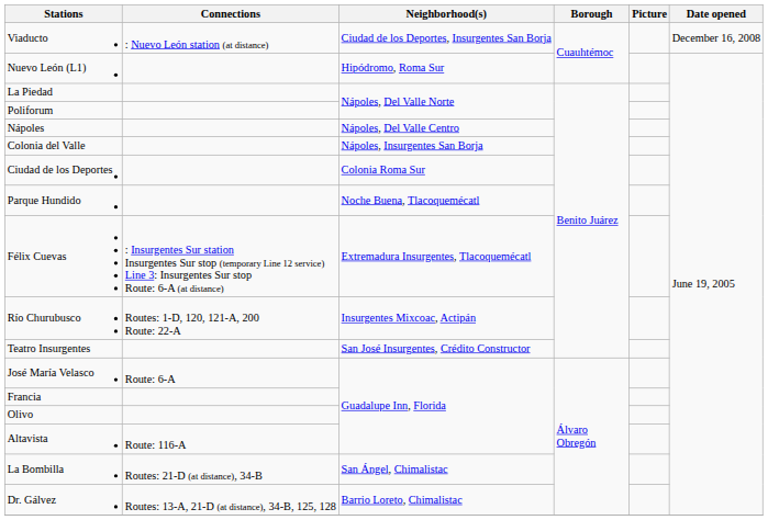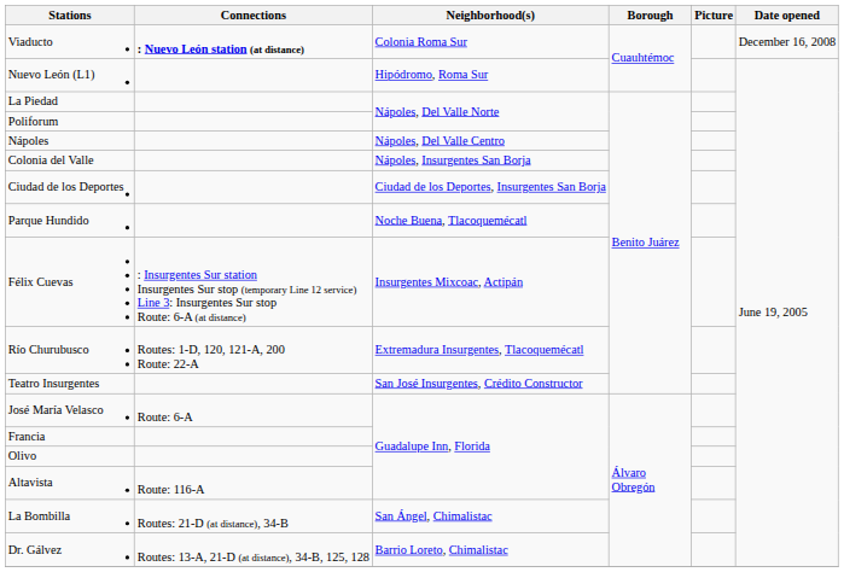 <table class="wikitable">
 <tr>
 <th width="160px">Stations</th>
 <th>Connections</th>
 <th>Neighborhood(s)</th>
 <th width="100px">Borough</th>
 <th>Picture</th>
 <th>Date opened</th>
 </tr>
 <tr>
 <td>Viaducto</td>
-<td><br><li> : <a href='#'>Nuevo León station</a> <small>(at distance)</small></td>
-<td><a href='#'>Ciudad de los Deportes</a>, <a href='#'>Insurgentes San Borja</a></td>
+<td><strong><br><li> : <a href='#'>Nuevo León station</a> <small>(at distance)</small></strong></td>
+<td><a href='#'>Colonia Roma Sur</a></td>
 <td rowspan=2><a href='#'>Cuauhtémoc</a></td>
 <td></td>
 <td>December 16, 2008</td>
 </tr>
 <tr>
 <td>Nuevo León (L1)</td>
 <td><br><li> </td>
 <td><a href='#'>Hipódromo</a>, <a href='#'>Roma Sur</a></td>
 <td></td>
 <td rowspan=16>June 19, 2005</td>
 </tr>
 <tr>
 <td>La Piedad</td>
 <td></td>
 <td rowspan=2><a href='#'>Nápoles</a>, <a href='#'>Del Valle Norte</a></td>
 <td rowspan=9><a href='#'>Benito Juárez</a></td>
 <td></td>
 </tr>
 <tr>
 <td>Poliforum</td>
 <td></td>
 <td></td>
 </tr>
 <tr>
 <td>Nápoles</td>
 <td></td>
 <td><a href='#'>Nápoles</a>, <a href='#'>Del Valle Centro</a></td>
 <td></td>
 </tr>
 <tr>
 <td>Colonia del Valle</td>
 <td></td>
 <td><a href='#'>Nápoles</a>, <a href='#'>Insurgentes San Borja</a></td>
 <td></td>
 </tr>
 <tr>
 <td>Ciudad de los Deportes</td>
 <td><br><li></td>
-<td><a href='#'>Colonia Roma Sur</a></td>
+<td><a href='#'>Ciudad de los Deportes</a>, <a href='#'>Insurgentes San Borja</a></td>
 <td></td>
 </tr>
 <tr>
 <td>Parque Hundido</td>
 <td><br><li></td>
 <td><a href='#'>Noche Buena</a>, <a href='#'>Tlacoquemécatl</a></td>
 <td></td>
 </tr>
 <tr>
 <td>Félix Cuevas</td>
 <td><br><li></li> <li> : <a href='#'>Insurgentes Sur station</a></li> <li> Insurgentes Sur stop <small>(temporary Line 12 service)</small></li> <li> <a href='#'>Line 3</a>: Insurgentes Sur stop</li> <li> Route: 6-A <small>(at distance)</small></td>
-<td><a href='#'>Extremadura Insurgentes</a>, <a href='#'>Tlacoquemécatl</a></td>
+<td><a href='#'>Insurgentes Mixcoac</a>, <a href='#'>Actipán</a></td>
 <td></td>
 </tr>
 <tr>
 <td>Río Churubusco</td>
 <td><br><li> Routes: 1-D, 120, 121-A, 200</li> <li> Route: 22-A</td>
-<td><a href='#'>Insurgentes Mixcoac</a>, <a href='#'>Actipán</a></td>
+<td><a href='#'>Extremadura Insurgentes</a>, <a href='#'>Tlacoquemécatl</a></td>
 <td></td>
 </tr>
 <tr>
 <td>Teatro Insurgentes</td>
 <td></td>
 <td><a href='#'>San José Insurgentes</a>, <a href='#'>Crédito Constructor</a></td>
 <td></td>
 </tr>
 <tr>
 <td>José María Velasco</td>
 <td><br><li> Route: 6-A</td>
 <td rowspan=4><a href='#'>Guadalupe Inn</a>, <a href='#'>Florida</a></td>
 <td rowspan=6><a href='#'>Álvaro Obregón</a></td>
 <td></td>
 </tr>
 <tr>
 <td>Francia</td>
 <td></td>
 <td></td>
 </tr>
 <tr>
 <td>Olivo</td>
 <td></td>
 <td></td>
 </tr>
 <tr>
 <td>Altavista</td>
 <td><br><li> Route: 116-A</td>
 <td></td>
 </tr>
 <tr>
 <td>La Bombilla</td>
 <td><br><li> Routes: 21-D <small>(at distance)</small>, 34-B</td>
 <td><a href='#'>San Ángel</a>, <a href='#'>Chimalistac</a></td>
 <td></td>
 </tr>
 <tr>
 <td>Dr. Gálvez</td>
 <td><br><li> Routes: 13-A, 21-D <small>(at distance)</small>, 34-B, 125, 128</td>
 <td><a href='#'>Barrio Loreto</a>, <a href='#'>Chimalistac</a></td>
 <td></td>
 </tr>
 <tr>
 </tr>
 </table>
